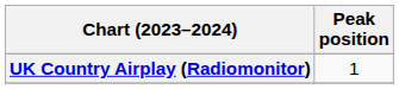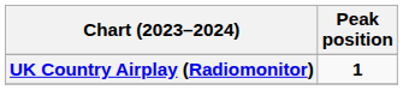 <table class="wikitable sortable plainrowheaders" style="text-align:center">
 <tr>
 <th scope="col">Chart (2023–2024)</th>
 <th scope="col">Peak<br>position</th>
 </tr>
 <tr>
 </tr>
 <tr>
 </tr>
 <tr>
 <th scope="row"><a href='#'>UK Country Airplay</a> (<a href='#'>Radiomonitor</a>)</th>
-<td>1</td>
+<td><strong>1</strong></td>
 </tr>
 <tr>
 </tr>
 <tr>
 </tr>
 <tr>
 </tr>
 </table>
